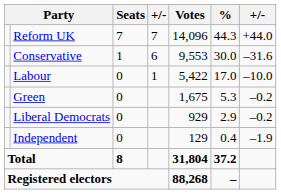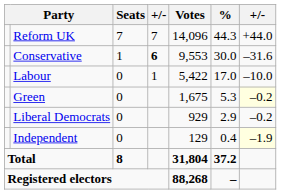 <table class="wikitable sortable">
 <tr>
 <th colspan="2">Party</th>
 <th>Seats</th>
 <th>+/-</th>
 <th>Votes</th>
 <th>%</th>
 <th>+/-</th>
 </tr>
 <tr>
 <td style="background-color: "></td>
 <td><a href='#'>Reform UK</a></td>
 <td>7</td>
 <td> 7</td>
 <td style="text-align:right;">14,096</td>
 <td style="text-align:right;">44.3</td>
 <td style="text-align:right;">+44.0</td>
 </tr>
 <tr>
 <td style="background-color: "></td>
 <td><a href='#'>Conservative</a></td>
 <td>1</td>
-<td> 6</td>
+<td><strong> 6</strong></td>
 <td style="text-align:right;">9,553</td>
 <td style="text-align:right;">30.0</td>
 <td style="text-align:right;">–31.6</td>
 </tr>
 <tr>
 <td style="background-color: "></td>
 <td><a href='#'>Labour</a></td>
 <td>0</td>
 <td> 1</td>
 <td style="text-align:right;">5,422</td>
 <td style="text-align:right;">17.0</td>
 <td style="text-align:right;">–10.0</td>
 </tr>
 <tr>
 <td style="background-color: "></td>
 <td><a href='#'>Green</a></td>
 <td>0</td>
 <td></td>
 <td style="text-align:right;">1,675</td>
 <td style="text-align:right;">5.3</td>
-<td style="text-align:right;">–0.2</td>
+<td style="background: lightyellow; text-align:right;">–0.2</td>
 </tr>
 <tr>
 <td style="background-color: "></td>
 <td><a href='#'>Liberal Democrats</a></td>
 <td>0</td>
 <td></td>
 <td style="text-align:right;">929</td>
 <td style="text-align:right;">2.9</td>
 <td style="text-align:right;">–0.2</td>
 </tr>
 <tr>
 <td style="background-color: "></td>
 <td><a href='#'>Independent</a></td>
 <td>0</td>
 <td></td>
 <td style="text-align:right;">129</td>
 <td style="text-align:right;">0.4</td>
-<td style="text-align:right;">–1.9</td>
+<td style="background: lightyellow; text-align:right;">–1.9</td>
 </tr>
 <tr>
 <td colspan="2"><strong>Total</strong></td>
 <td><strong>8</strong></td>
 <td></td>
 <td style="text-align:right;"><strong>31,804</strong></td>
 <td style="text-align:right;"><strong>37.2</strong></td>
 <td style="text-align:right;"></td>
 </tr>
 <tr>
 <td colspan="4"><strong>Registered electors</strong></td>
 <td style="text-align:right;"><strong>88,268</strong></td>
 <td style="text-align:right;"><strong>–</strong></td>
 <td style="text-align:right;"></td>
 </tr>
 </table>
